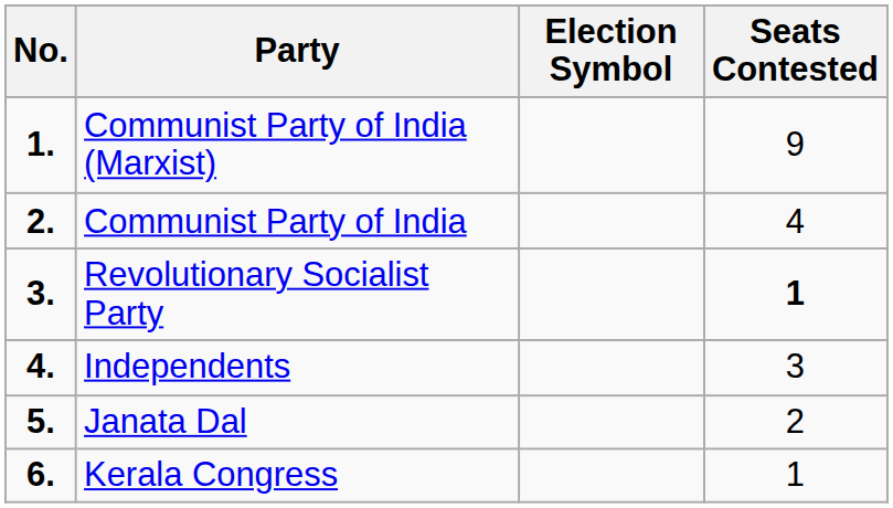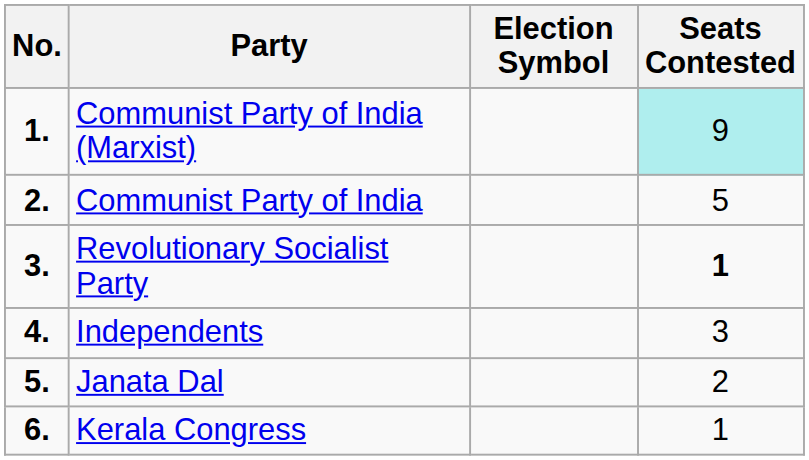 <table class="wikitable">
 <tr>
 <th scope="col" style="width:4px;">No.</th>
 <th scope="col" style="width:200px;">Party</th>
 <th scope="col" style="width:80px;">Election Symbol</th>
 <th scope="col" style="width:60px;">Seats Contested</th>
 </tr>
 <tr style="height: 45px;">
 <td style="text-align:center; background:"><strong>1.</strong></td>
 <td><a href='#'>Communist Party of India (Marxist)</a></td>
 <td></td>
-<td style="text-align:center;">9</td>
+<td style="background: paleturquoise; text-align:center;">9</td>
 </tr>
 <tr style="height: 4px;">
 <td style="text-align:center; background:"><strong>2.</strong></td>
 <td><a href='#'>Communist Party of India</a></td>
 <td></td>
-<td style="text-align:center;">4</td>
+<td style="text-align:center;">5</td>
 </tr>
 <tr>
 <td style="text-align:center; background:"><strong>3.</strong></td>
 <td><a href='#'>Revolutionary Socialist Party</a></td>
 <td style="text-align:center;"></td>
 <td style="text-align:center;"><strong>1</strong></td>
 </tr>
 <tr>
 <td style="text-align:center; background:"><strong>4.</strong></td>
 <td><a href='#'>Independents</a></td>
 <td style="text-align:center;"></td>
 <td style="text-align:center;">3</td>
 </tr>
 <tr>
 <td style="text-align:center; background:"><strong>5.</strong></td>
 <td><a href='#'>Janata Dal</a></td>
 <td style="text-align:center;"></td>
 <td style="text-align:center;">2</td>
 </tr>
 <tr style="height: 4px;">
 <td style="text-align:center; background:"><strong>6.</strong></td>
 <td><a href='#'>Kerala Congress</a></td>
 <td style="text-align:center;"></td>
 <td style="text-align:center;">1</td>
 </tr>
 </table>
